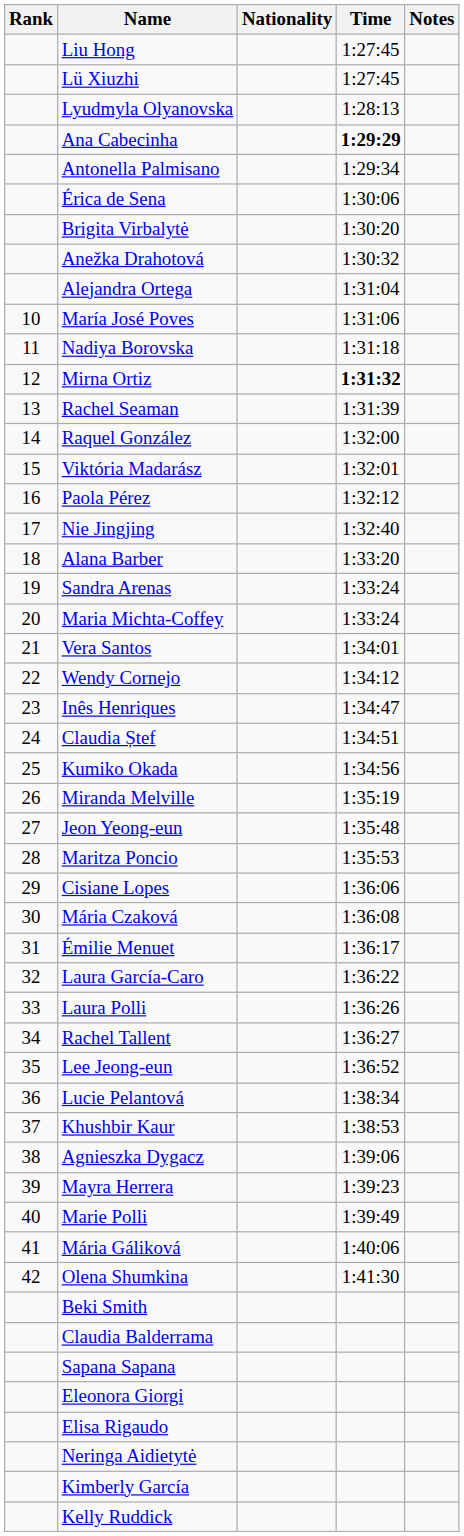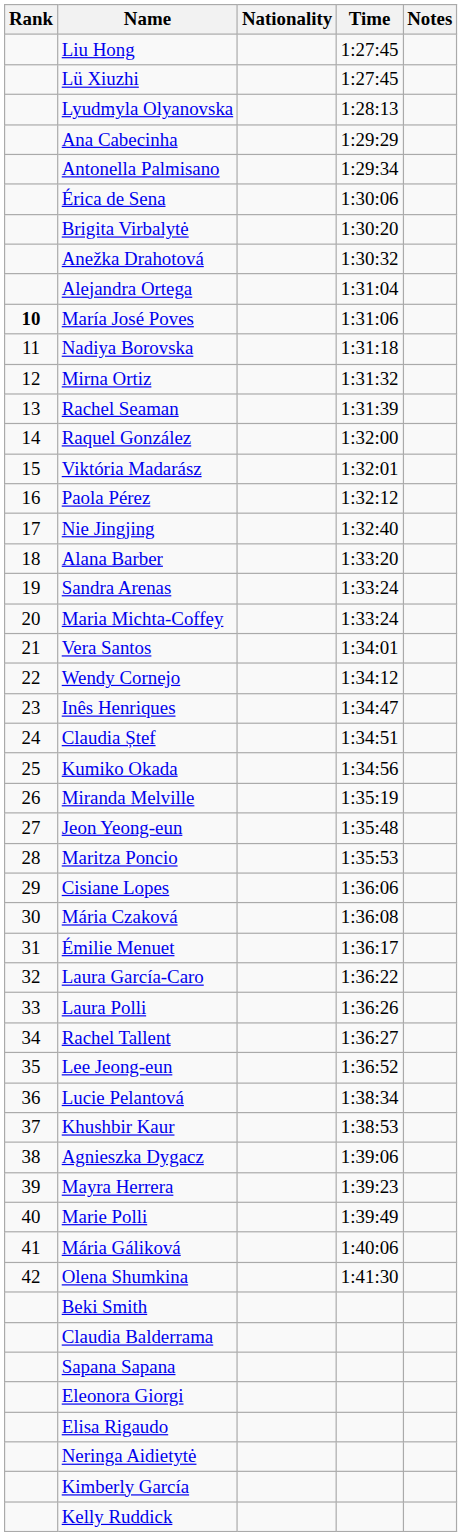 <table class="wikitable sortable" style="text-align:center">
 <tr>
 <th>Rank</th>
 <th>Name</th>
 <th>Nationality</th>
 <th>Time</th>
 <th>Notes</th>
 </tr>
 <tr>
 <td></td>
 <td align=left><a href='#'>Liu Hong</a></td>
 <td align=left></td>
 <td>1:27:45</td>
 <td></td>
 </tr>
 <tr>
 <td></td>
 <td align=left><a href='#'>Lü Xiuzhi</a></td>
 <td align=left></td>
 <td>1:27:45</td>
 <td></td>
 </tr>
 <tr>
 <td></td>
 <td align=left><a href='#'>Lyudmyla Olyanovska</a></td>
 <td align=left></td>
 <td>1:28:13</td>
 <td></td>
 </tr>
 <tr>
 <td></td>
 <td align=left><a href='#'>Ana Cabecinha</a></td>
 <td align=left></td>
-<td><strong>1:29:29</strong></td>
+<td>1:29:29</td>
 <td></td>
 </tr>
 <tr>
 <td></td>
 <td align=left><a href='#'>Antonella Palmisano</a></td>
 <td align=left></td>
 <td>1:29:34</td>
 <td></td>
 </tr>
 <tr>
 <td></td>
 <td align=left><a href='#'>Érica de Sena</a></td>
 <td align=left></td>
 <td>1:30:06</td>
 <td></td>
 </tr>
 <tr>
 <td></td>
 <td align=left><a href='#'>Brigita Virbalytė</a></td>
 <td align=left></td>
 <td>1:30:20</td>
 <td></td>
 </tr>
 <tr>
 <td></td>
 <td align=left><a href='#'>Anežka Drahotová</a></td>
 <td align=left></td>
 <td>1:30:32</td>
 <td></td>
 </tr>
 <tr>
 <td></td>
 <td align=left><a href='#'>Alejandra Ortega</a></td>
 <td align=left></td>
 <td>1:31:04</td>
 <td></td>
 </tr>
 <tr>
-<td>10</td>
+<td><strong>10</strong></td>
 <td align=left><a href='#'>María José Poves</a></td>
 <td align=left></td>
 <td>1:31:06</td>
 <td></td>
 </tr>
 <tr>
 <td>11</td>
 <td align=left><a href='#'>Nadiya Borovska</a></td>
 <td align=left></td>
 <td>1:31:18</td>
 <td></td>
 </tr>
 <tr>
 <td>12</td>
 <td align=left><a href='#'>Mirna Ortiz</a></td>
 <td align=left></td>
-<td><strong>1:31:32</strong></td>
+<td>1:31:32</td>
 <td></td>
 </tr>
 <tr>
 <td>13</td>
 <td align=left><a href='#'>Rachel Seaman</a></td>
 <td align=left></td>
 <td>1:31:39</td>
 <td></td>
 </tr>
 <tr>
 <td>14</td>
 <td align=left><a href='#'>Raquel González</a></td>
 <td align=left></td>
 <td>1:32:00</td>
 <td></td>
 </tr>
 <tr>
 <td>15</td>
 <td align=left><a href='#'>Viktória Madarász</a></td>
 <td align=left></td>
 <td>1:32:01</td>
 <td></td>
 </tr>
 <tr>
 <td>16</td>
 <td align=left><a href='#'>Paola Pérez</a></td>
 <td align=left></td>
 <td>1:32:12</td>
 <td></td>
 </tr>
 <tr>
 <td>17</td>
 <td align=left><a href='#'>Nie Jingjing</a></td>
 <td align=left></td>
 <td>1:32:40</td>
 <td></td>
 </tr>
 <tr>
 <td>18</td>
 <td align=left><a href='#'>Alana Barber</a></td>
 <td align=left></td>
 <td>1:33:20</td>
 <td></td>
 </tr>
 <tr>
 <td>19</td>
 <td align=left><a href='#'>Sandra Arenas</a></td>
 <td align=left></td>
 <td>1:33:24</td>
 <td></td>
 </tr>
 <tr>
 <td>20</td>
 <td align=left><a href='#'>Maria Michta-Coffey</a></td>
 <td align=left></td>
 <td>1:33:24</td>
 <td></td>
 </tr>
 <tr>
 <td>21</td>
 <td align=left><a href='#'>Vera Santos</a></td>
 <td align=left></td>
 <td>1:34:01</td>
 <td></td>
 </tr>
 <tr>
 <td>22</td>
 <td align=left><a href='#'>Wendy Cornejo</a></td>
 <td align=left></td>
 <td>1:34:12</td>
 <td></td>
 </tr>
 <tr>
 <td>23</td>
 <td align=left><a href='#'>Inês Henriques</a></td>
 <td align=left></td>
 <td>1:34:47</td>
 <td></td>
 </tr>
 <tr>
 <td>24</td>
 <td align=left><a href='#'>Claudia Ștef</a></td>
 <td align=left></td>
 <td>1:34:51</td>
 <td></td>
 </tr>
 <tr>
 <td>25</td>
 <td align=left><a href='#'>Kumiko Okada</a></td>
 <td align=left></td>
 <td>1:34:56</td>
 <td></td>
 </tr>
 <tr>
 <td>26</td>
 <td align=left><a href='#'>Miranda Melville</a></td>
 <td align=left></td>
 <td>1:35:19</td>
 <td></td>
 </tr>
 <tr>
 <td>27</td>
 <td align=left><a href='#'>Jeon Yeong-eun</a></td>
 <td align=left></td>
 <td>1:35:48</td>
 <td></td>
 </tr>
 <tr>
 <td>28</td>
 <td align=left><a href='#'>Maritza Poncio</a></td>
 <td align=left></td>
 <td>1:35:53</td>
 <td></td>
 </tr>
 <tr>
 <td>29</td>
 <td align=left><a href='#'>Cisiane Lopes</a></td>
 <td align=left></td>
 <td>1:36:06</td>
 <td></td>
 </tr>
 <tr>
 <td>30</td>
 <td align=left><a href='#'>Mária Czaková</a></td>
 <td align=left></td>
 <td>1:36:08</td>
 <td></td>
 </tr>
 <tr>
 <td>31</td>
 <td align=left><a href='#'>Émilie Menuet</a></td>
 <td align=left></td>
 <td>1:36:17</td>
 <td></td>
 </tr>
 <tr>
 <td>32</td>
 <td align=left><a href='#'>Laura García-Caro</a></td>
 <td align=left></td>
 <td>1:36:22</td>
 <td></td>
 </tr>
 <tr>
 <td>33</td>
 <td align=left><a href='#'>Laura Polli</a></td>
 <td align=left></td>
 <td>1:36:26</td>
 <td></td>
 </tr>
 <tr>
 <td>34</td>
 <td align=left><a href='#'>Rachel Tallent</a></td>
 <td align=left></td>
 <td>1:36:27</td>
 <td></td>
 </tr>
 <tr>
 <td>35</td>
 <td align=left><a href='#'>Lee Jeong-eun</a></td>
 <td align=left></td>
 <td>1:36:52</td>
 <td></td>
 </tr>
 <tr>
 <td>36</td>
 <td align=left><a href='#'>Lucie Pelantová</a></td>
 <td align=left></td>
 <td>1:38:34</td>
 <td></td>
 </tr>
 <tr>
 <td>37</td>
 <td align=left><a href='#'>Khushbir Kaur</a></td>
 <td align=left></td>
 <td>1:38:53</td>
 <td></td>
 </tr>
 <tr>
 <td>38</td>
 <td align=left><a href='#'>Agnieszka Dygacz</a></td>
 <td align=left></td>
 <td>1:39:06</td>
 <td></td>
 </tr>
 <tr>
 <td>39</td>
 <td align=left><a href='#'>Mayra Herrera</a></td>
 <td align=left></td>
 <td>1:39:23</td>
 <td></td>
 </tr>
 <tr>
 <td>40</td>
 <td align=left><a href='#'>Marie Polli</a></td>
 <td align=left></td>
 <td>1:39:49</td>
 <td></td>
 </tr>
 <tr>
 <td>41</td>
 <td align=left><a href='#'>Mária Gáliková</a></td>
 <td align=left></td>
 <td>1:40:06</td>
 <td></td>
 </tr>
 <tr>
 <td>42</td>
 <td align=left><a href='#'>Olena Shumkina</a></td>
 <td align=left></td>
 <td>1:41:30</td>
 <td></td>
 </tr>
 <tr>
 <td></td>
 <td align=left><a href='#'>Beki Smith</a></td>
 <td align=left></td>
 <td></td>
 <td></td>
 </tr>
 <tr>
 <td></td>
 <td align=left><a href='#'>Claudia Balderrama</a></td>
 <td align=left></td>
 <td></td>
 <td></td>
 </tr>
 <tr>
 <td></td>
 <td align=left><a href='#'>Sapana Sapana</a></td>
 <td align=left></td>
 <td></td>
 <td></td>
 </tr>
 <tr>
 <td></td>
 <td align=left><a href='#'>Eleonora Giorgi</a></td>
 <td align=left></td>
 <td></td>
 <td></td>
 </tr>
 <tr>
 <td></td>
 <td align=left><a href='#'>Elisa Rigaudo</a></td>
 <td align=left></td>
 <td></td>
 <td></td>
 </tr>
 <tr>
 <td></td>
 <td align=left><a href='#'>Neringa Aidietytė</a></td>
 <td align=left></td>
 <td></td>
 <td></td>
 </tr>
 <tr>
 <td></td>
 <td align=left><a href='#'>Kimberly García</a></td>
 <td align=left></td>
 <td></td>
 <td></td>
 </tr>
 <tr>
 <td></td>
 <td align=left><a href='#'>Kelly Ruddick</a></td>
 <td align=left></td>
 <td></td>
 <td></td>
 </tr>
 </table>
